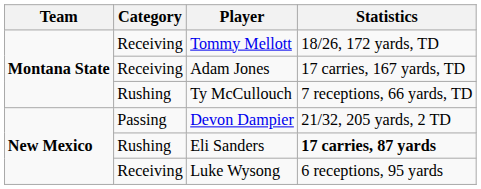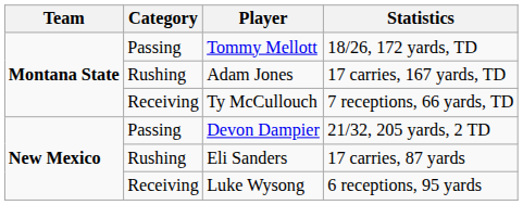 <table class="wikitable" style="float: right;">
 <tr>
 <th>Team</th>
 <th>Category</th>
 <th>Player</th>
 <th>Statistics</th>
 </tr>
 <tr>
 <td rowspan=3><strong>Montana State</strong></td>
-<td>Receiving</td>
+<td>Passing</td>
 <td><a href='#'>Tommy Mellott</a></td>
 <td>18/26, 172 yards, TD</td>
 </tr>
 <tr>
-<td>Receiving</td>
+<td>Rushing</td>
 <td>Adam Jones</td>
 <td>17 carries, 167 yards, TD</td>
 </tr>
 <tr>
-<td>Rushing</td>
+<td>Receiving</td>
 <td>Ty McCullouch</td>
 <td>7 receptions, 66 yards, TD</td>
 </tr>
 <tr>
 <td rowspan=3><strong>New Mexico</strong></td>
 <td>Passing</td>
 <td><a href='#'>Devon Dampier</a></td>
 <td>21/32, 205 yards, 2 TD</td>
 </tr>
 <tr>
 <td>Rushing</td>
 <td>Eli Sanders</td>
-<td><strong>17 carries, 87 yards</strong></td>
+<td>17 carries, 87 yards</td>
 </tr>
 <tr>
 <td>Receiving</td>
 <td>Luke Wysong</td>
 <td>6 receptions, 95 yards</td>
 </tr>
 </table>
